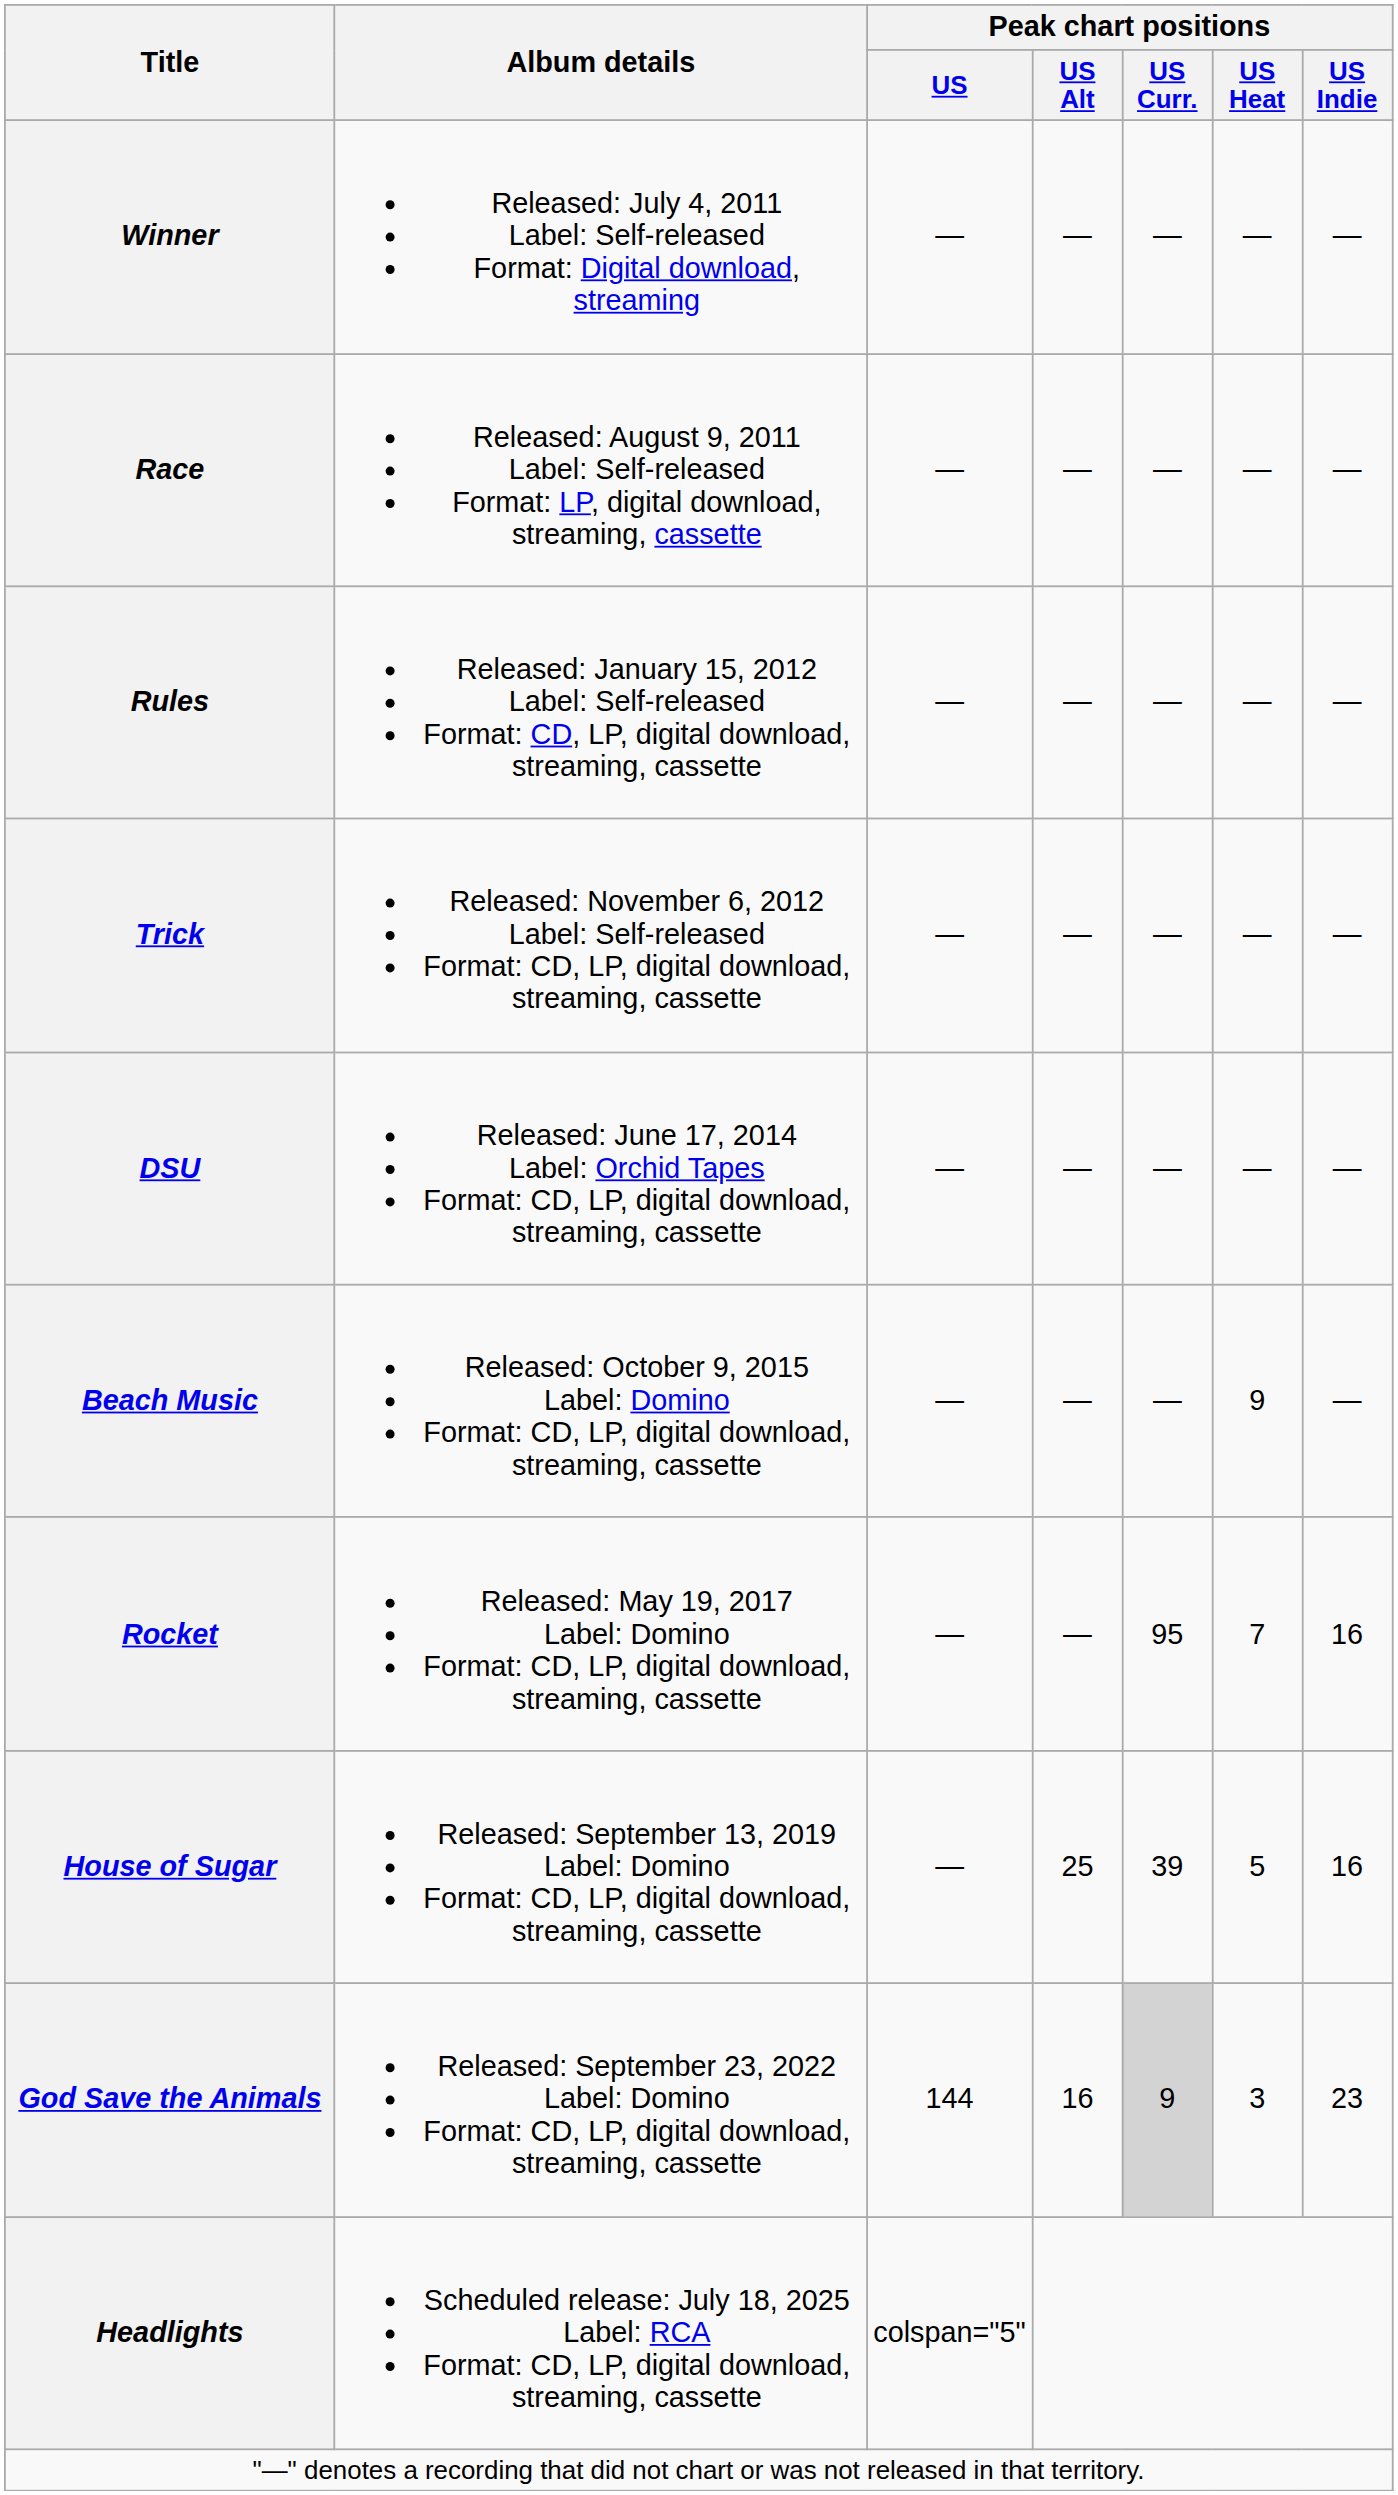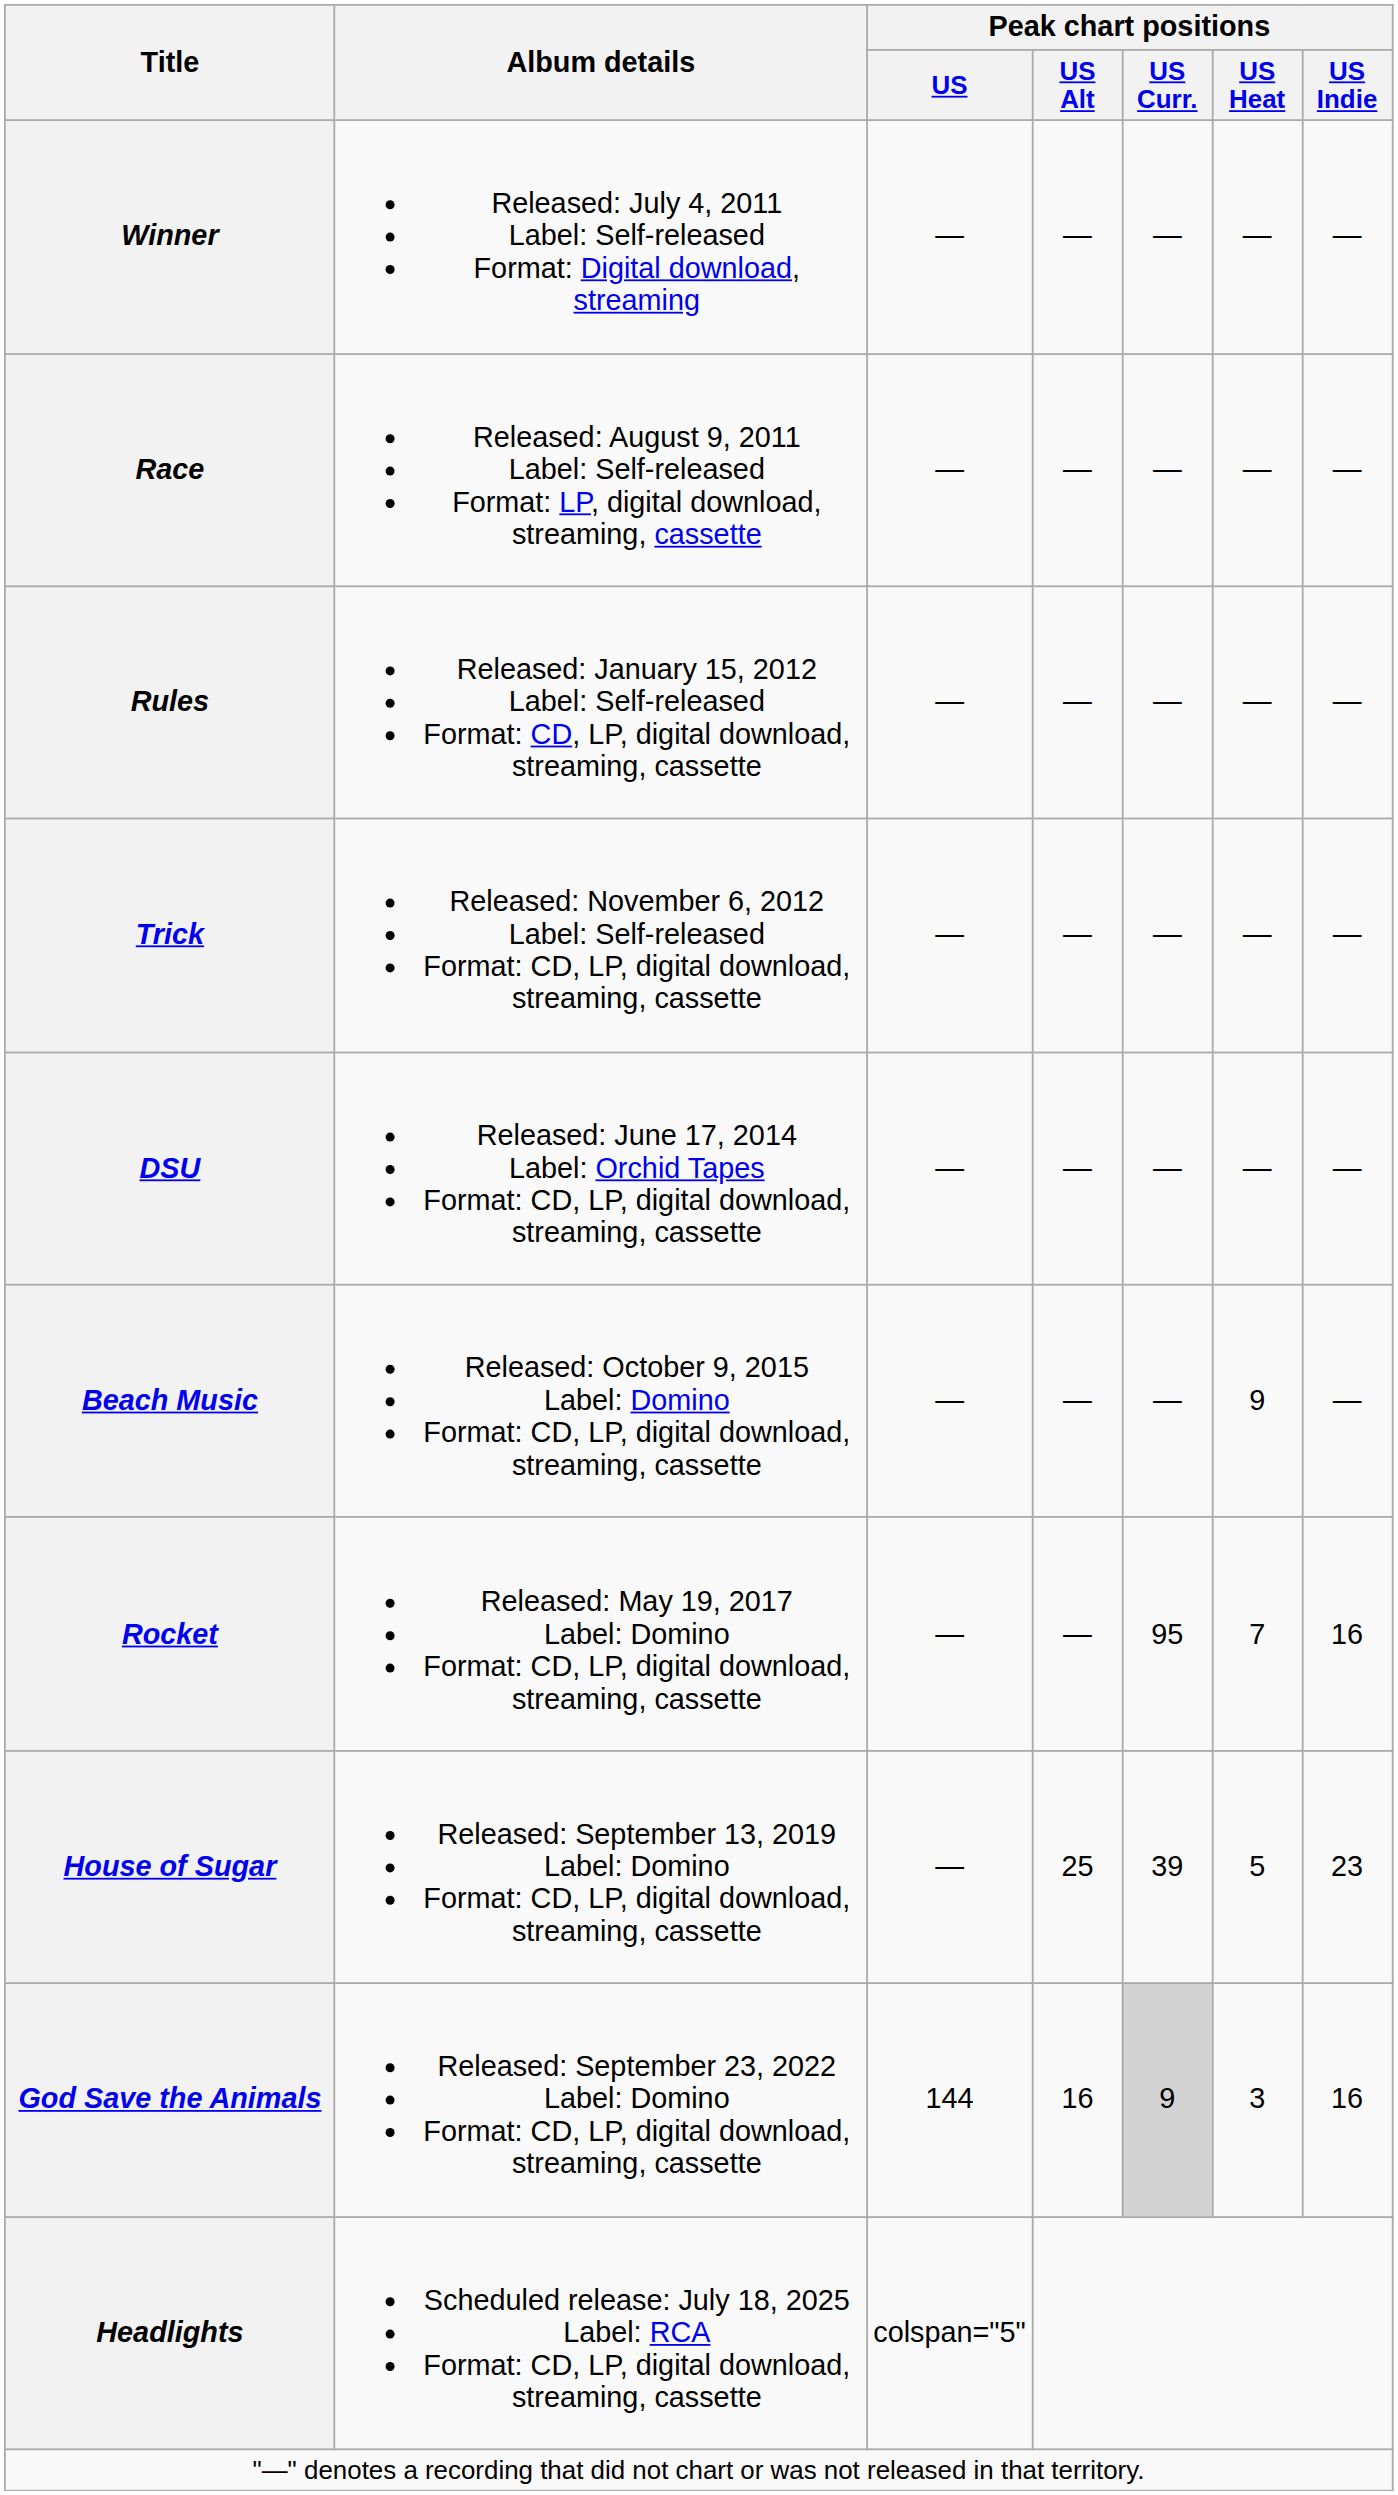 <table class="wikitable plainrowheaders" style="text-align:center">
 <tr>
 <th scope="col" rowspan="2" style="width:11em;">Title</th>
 <th scope="col" rowspan="2" style="width:18em;">Album details</th>
 <th colspan="5" scope="col">Peak chart positions</th>
 </tr>
 <tr>
 <th scope="col" style="width:3em;font-size:90%;"><a href='#'>US</a><br></th>
 <th scope="col" style="width:3em;font-size:90%;"><a href='#'>US<br>Alt</a><br></th>
 <th scope="col" style="width:3em;font-size:90%;"><a href='#'>US<br>Curr.</a><br></th>
 <th scope="col" style="width:3em;font-size:90%;"><a href='#'>US<br>Heat</a><br></th>
 <th scope="col" style="width:3em;font-size:90%;"><a href='#'>US<br>Indie</a><br></th>
 </tr>
 <tr>
 <th scope="row"><em>Winner</em></th>
 <td><br><ul><li>Released: July 4, 2011</li><li>Label: Self-released</li><li>Format: <a href='#'>Digital download</a>, <a href='#'>streaming</a></li></ul></td>
 <td>—</td>
 <td>—</td>
 <td>—</td>
 <td>—</td>
 <td>—</td>
 </tr>
 <tr>
 <th scope="row"><em>Race</em></th>
 <td><br><ul><li>Released: August 9, 2011</li><li>Label: Self-released</li><li>Format: <a href='#'>LP</a>, digital download, streaming, <a href='#'>cassette</a></li></ul></td>
 <td>—</td>
 <td>—</td>
 <td>—</td>
 <td>—</td>
 <td>—</td>
 </tr>
 <tr>
 <th scope="row"><em>Rules</em></th>
 <td><br><ul><li>Released: January 15, 2012</li><li>Label: Self-released</li><li>Format: <a href='#'>CD</a>, LP, digital download, streaming, cassette</li></ul></td>
 <td>—</td>
 <td>—</td>
 <td>—</td>
 <td>—</td>
 <td>—</td>
 </tr>
 <tr>
 <th scope="row"><em><a href='#'>Trick</a></em></th>
 <td><br><ul><li>Released: November 6, 2012</li><li>Label: Self-released</li><li>Format: CD, LP, digital download, streaming, cassette</li></ul></td>
 <td>—</td>
 <td>—</td>
 <td>—</td>
 <td>—</td>
 <td>—</td>
 </tr>
 <tr>
 <th scope="row"><em><a href='#'>DSU</a></em></th>
 <td><br><ul><li>Released: June 17, 2014</li><li>Label: <a href='#'>Orchid Tapes</a></li><li>Format: CD, LP, digital download, streaming, cassette</li></ul></td>
 <td>—</td>
 <td>—</td>
 <td>—</td>
 <td>—</td>
 <td>—</td>
 </tr>
 <tr>
 <th scope="row"><em><a href='#'>Beach Music</a></em></th>
 <td><br><ul><li>Released: October 9, 2015</li><li>Label: <a href='#'>Domino</a></li><li>Format: CD, LP, digital download, streaming, cassette</li></ul></td>
 <td>—</td>
 <td>—</td>
 <td>—</td>
 <td>9</td>
 <td>—</td>
 </tr>
 <tr>
 <th scope="row"><em><a href='#'>Rocket</a></em></th>
 <td><br><ul><li>Released: May 19, 2017</li><li>Label: Domino</li><li>Format: CD, LP, digital download, streaming, cassette</li></ul></td>
 <td>—</td>
 <td>—</td>
 <td>95</td>
 <td>7</td>
 <td>16</td>
 </tr>
 <tr>
 <th scope="row"><em><a href='#'>House of Sugar</a></em></th>
 <td><br><ul><li>Released: September 13, 2019</li><li>Label: Domino</li><li>Format: CD, LP, digital download, streaming, cassette</li></ul></td>
 <td>—</td>
 <td>25</td>
 <td>39</td>
 <td>5</td>
-<td>16</td>
+<td>23</td>
 </tr>
 <tr>
 <th scope="row"><em><a href='#'>God Save the Animals</a></em></th>
 <td><br><ul><li>Released: September 23, 2022</li><li>Label: Domino</li><li>Format: CD, LP, digital download, streaming, cassette</li></ul></td>
 <td>144</td>
 <td>16</td>
 <td style="background: lightgrey;">9</td>
 <td>3</td>
-<td>23</td>
+<td>16</td>
 </tr>
 <tr>
 <th scope="row"><em>Headlights</em></th>
 <td><br><ul><li>Scheduled release: July 18, 2025</li><li>Label: <a href='#'>RCA</a></li><li>Format: CD, LP, digital download, streaming, cassette</li></ul></td>
 <td>colspan="5" </td>
 </tr>
 <tr>
 <td colspan="7" style="font-size:90%">"—" denotes a recording that did not chart or was not released in that territory.</td>
 </tr>
 </table>
